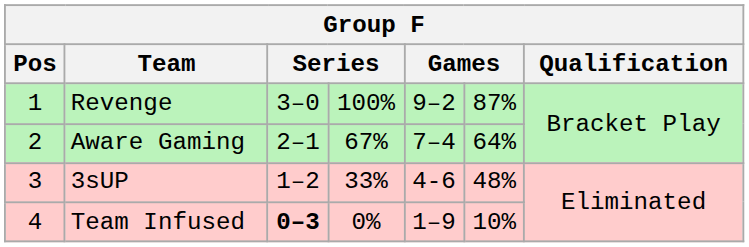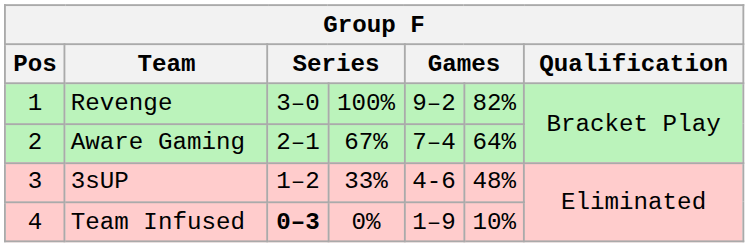 <table class="wikitable" style="display: inline-table; margin-left: 50px;width: 45%;">
 <tr>
 <th colspan="7">Group F</th>
 </tr>
 <tr>
 <th>Pos</th>
 <th>Team</th>
 <th colspan="2">Series</th>
 <th colspan="2">Games</th>
 <th>Qualification</th>
 </tr>
 <tr>
 <td style="text-align:center; background:#BBF3BB;">1</td>
 <td style="text-align:left; background:#BBF3BB;">Revenge</td>
 <td style="text-align:center; background:#BBF3BB;">3–0</td>
 <td style="text-align:center; background:#BBF3BB;">100%</td>
 <td style="text-align:center; background:#BBF3BB;">9–2</td>
-<td style="text-align:center; background:#BBF3BB;">87%</td>
+<td style="text-align:center; background:#BBF3BB;">82%</td>
 <td style="text-align:center; background:#BBF3BB;" rowspan="2">Bracket Play</td>
 </tr>
 <tr>
 <td style="text-align:center; background:#BBF3BB;">2</td>
 <td style="text-align:left; background:#BBF3BB;">Aware Gaming</td>
 <td style="text-align:center; background:#BBF3BB;">2–1</td>
 <td style="text-align:center; background:#BBF3BB;">67%</td>
 <td style="text-align:center; background:#BBF3BB;">7–4</td>
 <td style="text-align:center; background:#BBF3BB;">64%</td>
 </tr>
 <tr>
 <td style="text-align:center; background:#FFCCCC;">3</td>
 <td style="text-align:left; background:#FFCCCC;">3sUP</td>
 <td style="text-align:center; background:#FFCCCC;">1–2</td>
 <td style="text-align:center; background:#FFCCCC;">33%</td>
 <td style="text-align:center; background:#FFCCCC;">4-6</td>
 <td style="text-align:center; background:#FFCCCC;">48%</td>
 <td style="text-align:center; background:#FFCCCC;" rowspan="2">Eliminated</td>
 </tr>
 <tr>
 <td style="text-align:center; background:#FFCCCC;">4</td>
 <td style="text-align:left; background:#FFCCCC;">Team Infused</td>
 <td style="text-align:center; background:#FFCCCC;"><strong>0–3</strong></td>
 <td style="text-align:center; background:#FFCCCC;">0%</td>
 <td style="text-align:center; background:#FFCCCC;">1–9</td>
 <td style="text-align:center; background:#FFCCCC;">10%</td>
 </tr>
 </table>
